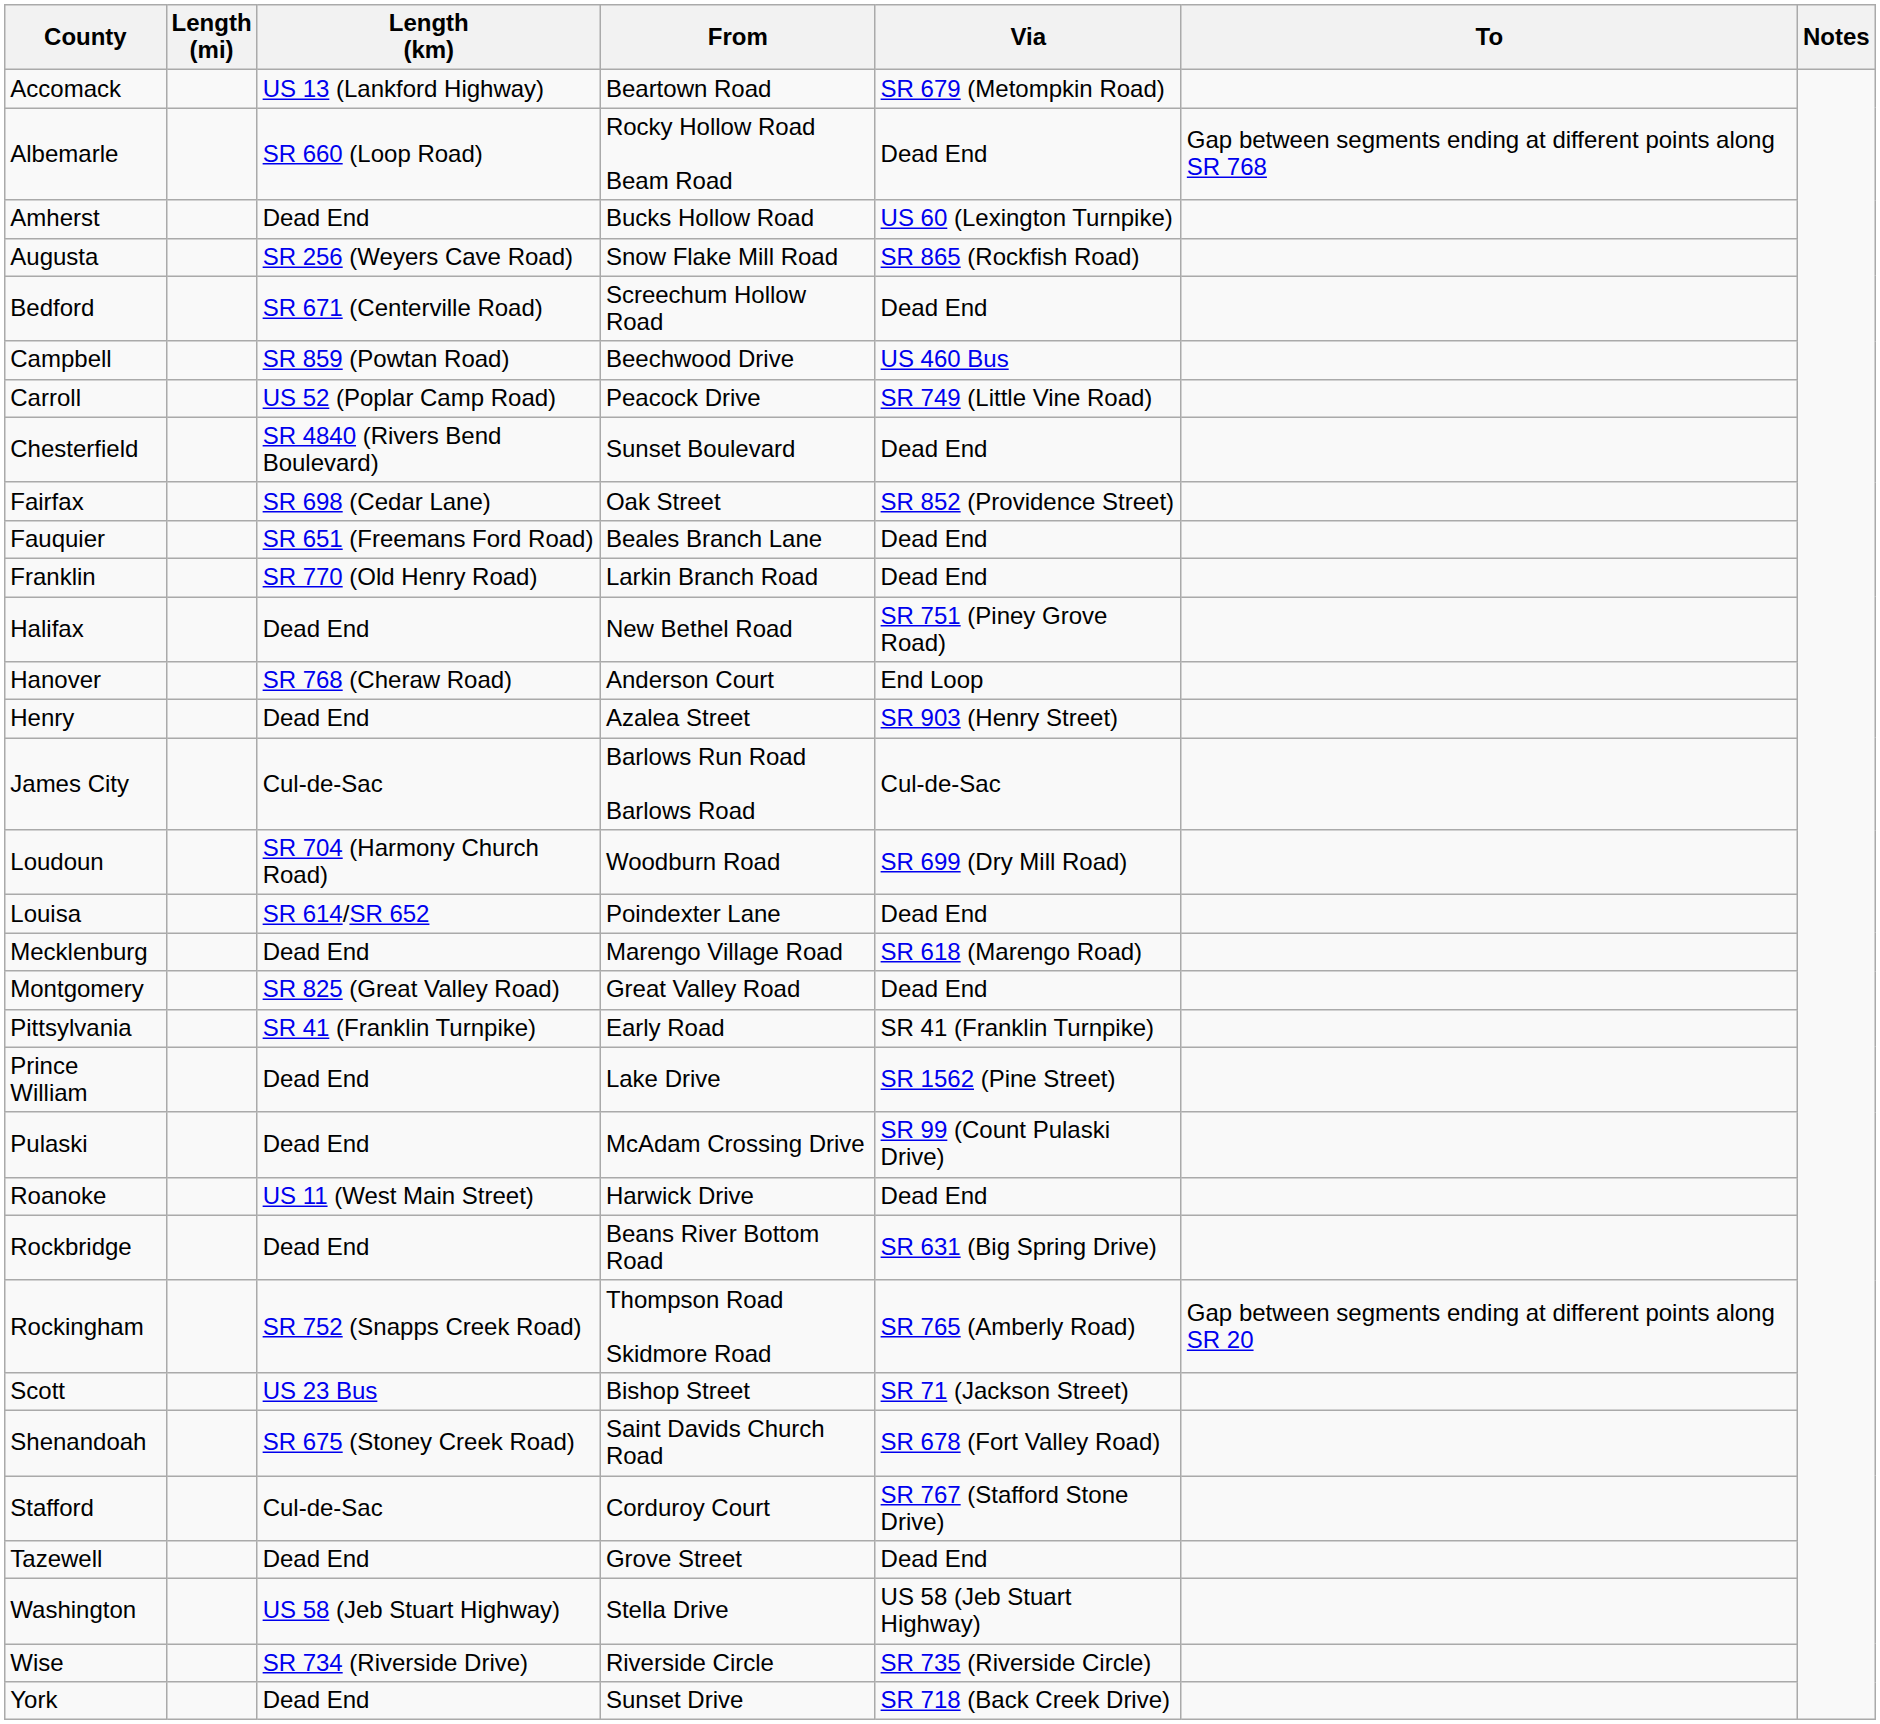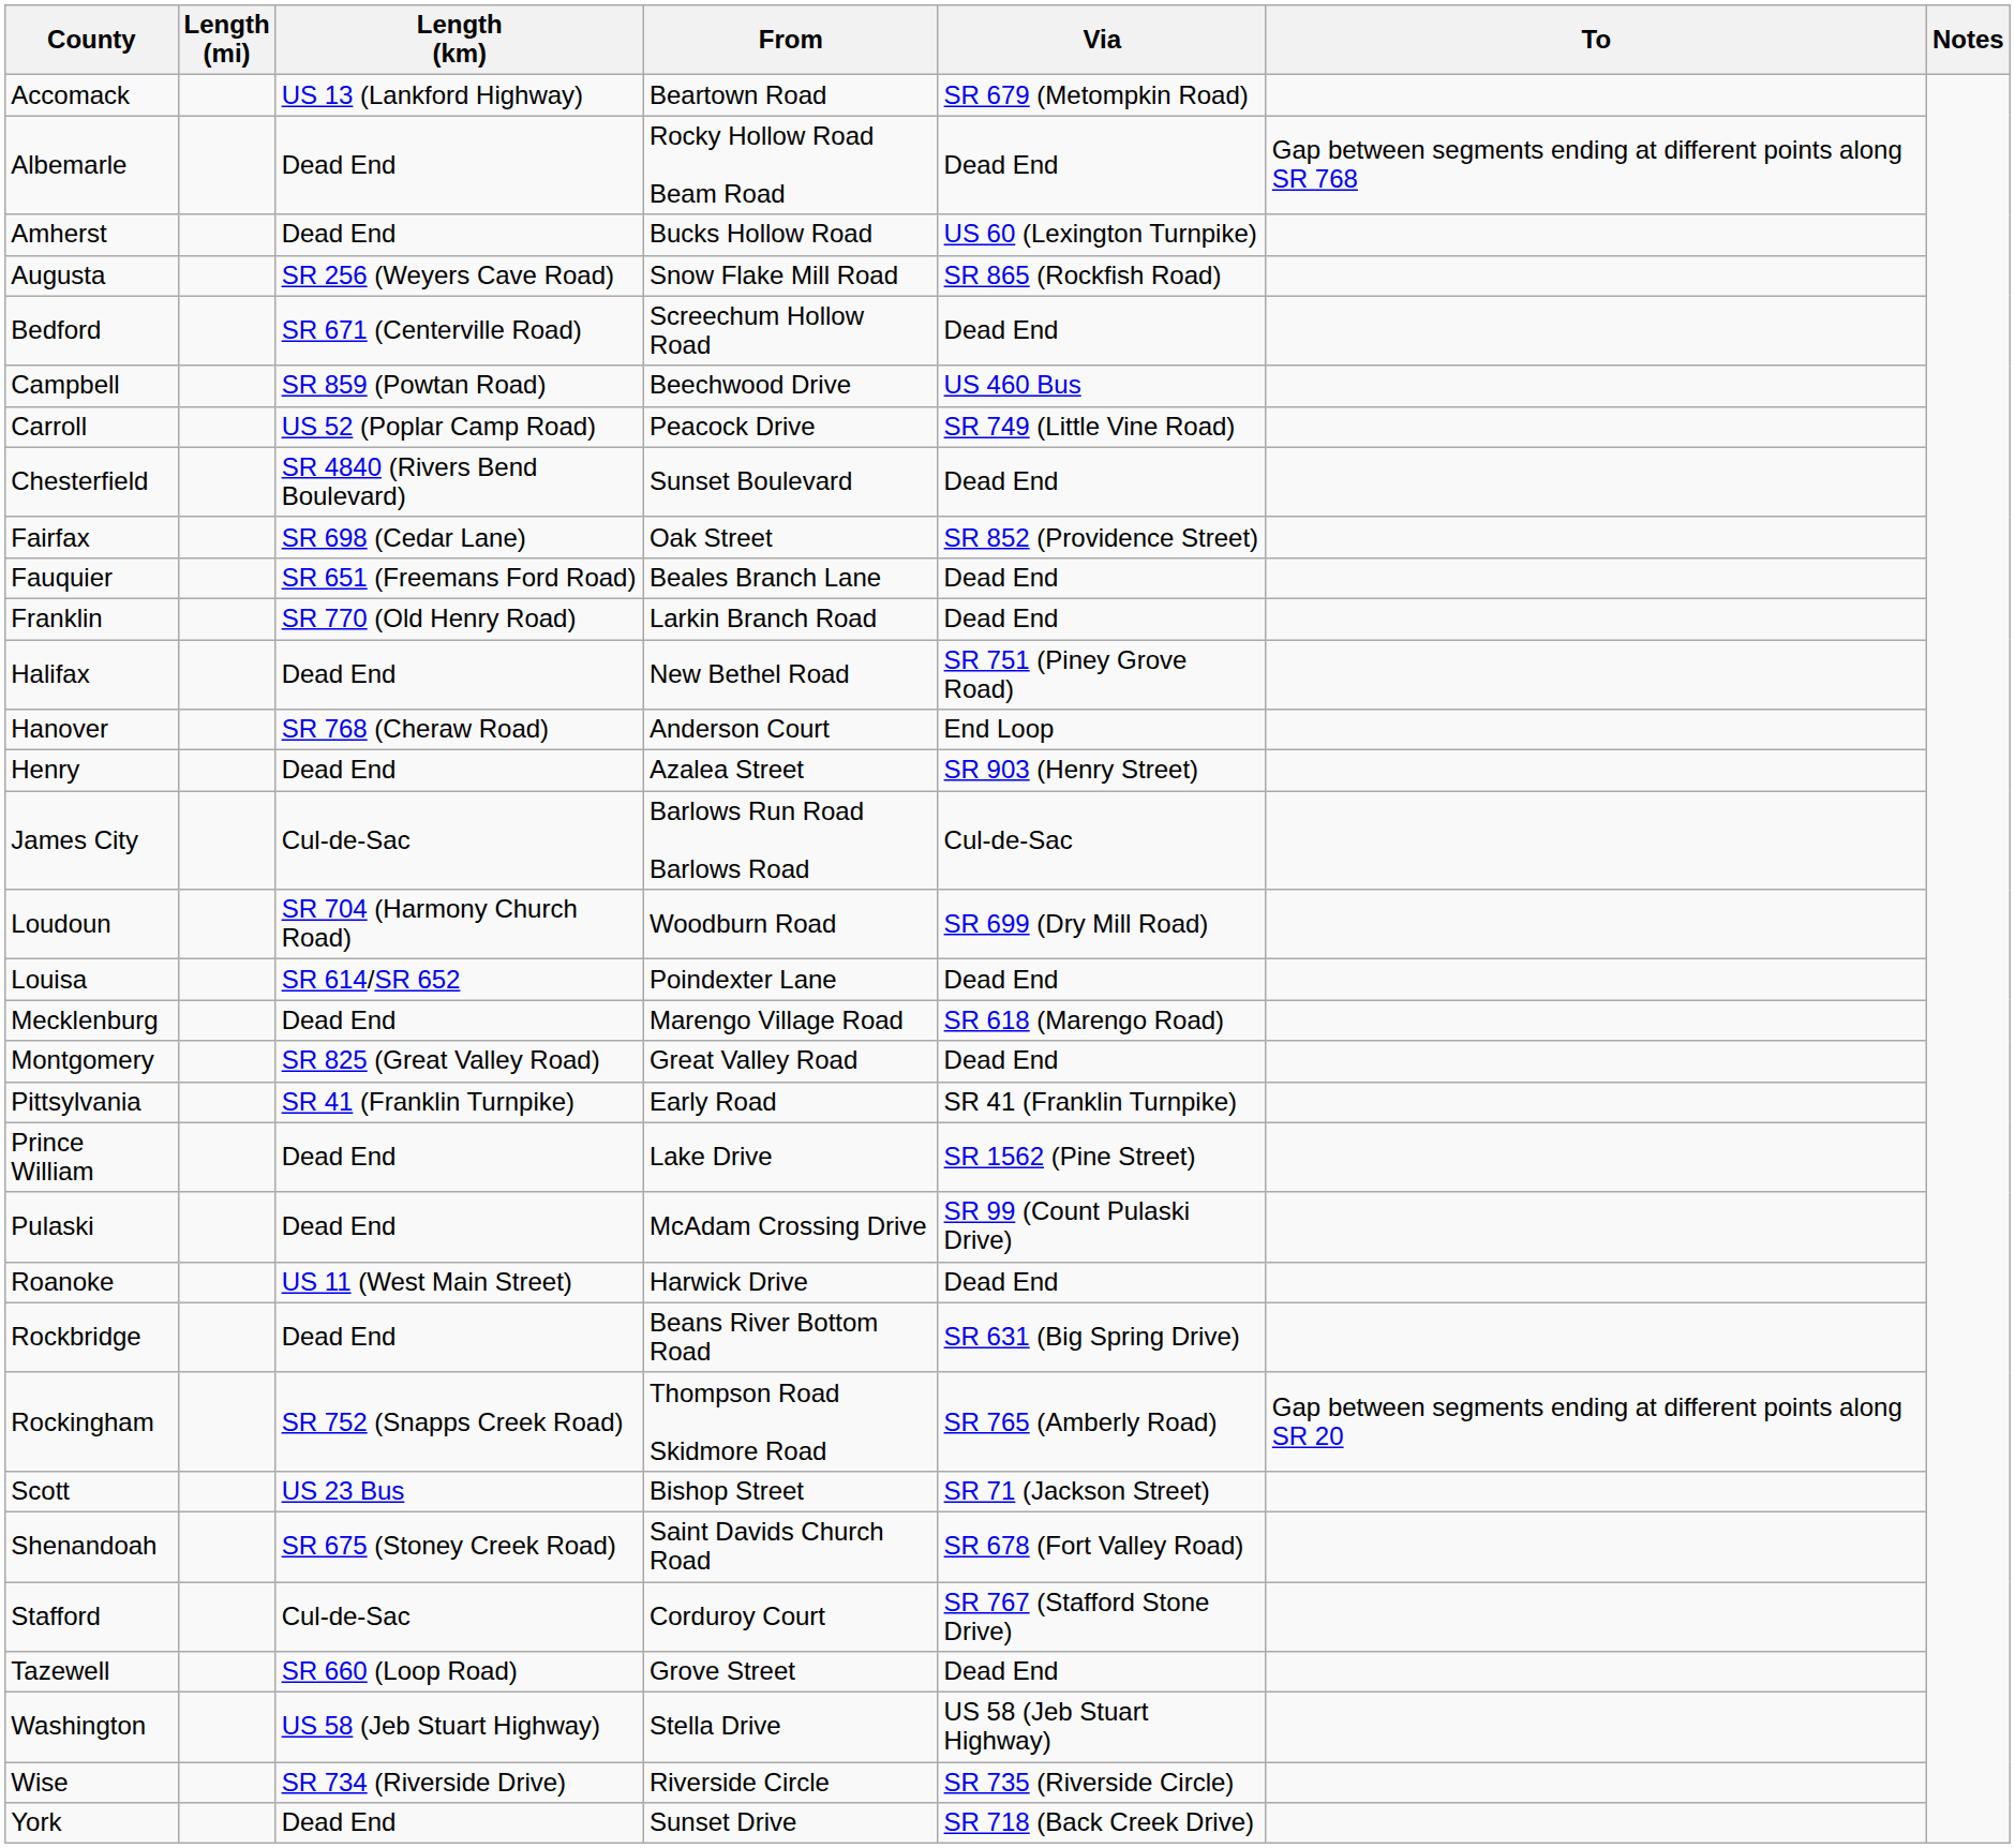 <table class="wikitable sortable">
 <tr>
 <th>County</th>
 <th>Length<br>(mi)</th>
 <th>Length<br>(km)</th>
 <th class="unsortable">From</th>
 <th class="unsortable">Via</th>
 <th class="unsortable">To</th>
 <th class="unsortable">Notes</th>
 </tr>
 <tr>
 <td id="Accomack">Accomack</td>
 <td></td>
 <td><a href='#'>US 13</a> (Lankford Highway)</td>
 <td>Beartown Road</td>
 <td><a href='#'>SR 679</a> (Metompkin Road)</td>
 <td></td>
 </tr>
 <tr>
 <td id="Albemarle">Albemarle</td>
 <td></td>
-<td><a href='#'>SR 660</a> (Loop Road)</td>
+<td>Dead End</td>
 <td>Rocky Hollow Road<br><br>Beam Road</td>
 <td>Dead End</td>
 <td>Gap between segments ending at different points along <a href='#'>SR 768</a><br></td>
 </tr>
 <tr>
 <td id="Amherst">Amherst</td>
 <td></td>
 <td>Dead End</td>
 <td>Bucks Hollow Road</td>
 <td><a href='#'>US 60</a> (Lexington Turnpike)</td>
 <td><br> </td>
 </tr>
 <tr>
 <td id="Augusta">Augusta</td>
 <td></td>
 <td><a href='#'>SR 256</a> (Weyers Cave Road)</td>
 <td>Snow Flake Mill Road</td>
 <td><a href='#'>SR 865</a> (Rockfish Road)</td>
 <td><br></td>
 </tr>
 <tr>
 <td id="Bedford">Bedford</td>
 <td></td>
 <td><a href='#'>SR 671</a> (Centerville Road)</td>
 <td>Screechum Hollow Road</td>
 <td>Dead End</td>
 <td><br>    </td>
 </tr>
 <tr>
 <td id="Campbell">Campbell</td>
 <td></td>
 <td><a href='#'>SR 859</a> (Powtan Road)</td>
 <td>Beechwood Drive</td>
 <td><a href='#'>US 460 Bus</a></td>
 <td><br></td>
 </tr>
 <tr>
 <td id="Carroll">Carroll</td>
 <td></td>
 <td><a href='#'>US 52</a> (Poplar Camp Road)</td>
 <td>Peacock Drive</td>
 <td><a href='#'>SR 749</a> (Little Vine Road)</td>
 <td><br> </td>
 </tr>
 <tr>
 <td id="Chesterfield">Chesterfield</td>
 <td></td>
 <td><a href='#'>SR 4840</a> (Rivers Bend Boulevard)</td>
 <td>Sunset Boulevard</td>
 <td>Dead End</td>
 <td><br>      </td>
 </tr>
 <tr>
 <td id="Fairfax">Fairfax</td>
 <td></td>
 <td><a href='#'>SR 698</a> (Cedar Lane)</td>
 <td>Oak Street</td>
 <td><a href='#'>SR 852</a> (Providence Street)</td>
 <td></td>
 </tr>
 <tr>
 <td id="Fauquier">Fauquier</td>
 <td></td>
 <td><a href='#'>SR 651</a> (Freemans Ford Road)</td>
 <td>Beales Branch Lane</td>
 <td>Dead End</td>
 <td><br> </td>
 </tr>
 <tr>
 <td id="Franklin">Franklin</td>
 <td></td>
 <td><a href='#'>SR 770</a> (Old Henry Road)</td>
 <td>Larkin Branch Road</td>
 <td>Dead End</td>
 <td><br>      </td>
 </tr>
 <tr>
 <td id="Halifax">Halifax</td>
 <td></td>
 <td>Dead End</td>
 <td>New Bethel Road</td>
 <td><a href='#'>SR 751</a> (Piney Grove Road)</td>
 <td></td>
 </tr>
 <tr>
 <td id="Hanover">Hanover</td>
 <td></td>
 <td><a href='#'>SR 768</a> (Cheraw Road)</td>
 <td>Anderson Court</td>
 <td>End Loop</td>
 <td><br></td>
 </tr>
 <tr>
 <td id="Henry">Henry</td>
 <td></td>
 <td>Dead End</td>
 <td>Azalea Street</td>
 <td><a href='#'>SR 903</a> (Henry Street)</td>
 <td><br> </td>
 </tr>
 <tr>
 <td id="James City">James City</td>
 <td></td>
 <td>Cul-de-Sac</td>
 <td>Barlows Run Road<br><br>Barlows Road</td>
 <td>Cul-de-Sac</td>
 <td><br>    </td>
 </tr>
 <tr>
 <td id="Loudoun">Loudoun</td>
 <td></td>
 <td><a href='#'>SR 704</a> (Harmony Church Road)</td>
 <td>Woodburn Road</td>
 <td><a href='#'>SR 699</a> (Dry Mill Road)</td>
 <td></td>
 </tr>
 <tr>
 <td id="Louisa">Louisa</td>
 <td></td>
 <td><a href='#'>SR 614</a>/<a href='#'>SR 652</a></td>
 <td>Poindexter Lane</td>
 <td>Dead End</td>
 <td><br>  </td>
 </tr>
 <tr>
 <td id="Mecklenburg">Mecklenburg</td>
 <td></td>
 <td>Dead End</td>
 <td>Marengo Village Road</td>
 <td><a href='#'>SR 618</a> (Marengo Road)</td>
 <td><br></td>
 </tr>
 <tr>
 <td id="Montgomery">Montgomery</td>
 <td></td>
 <td><a href='#'>SR 825</a> (Great Valley Road)</td>
 <td>Great Valley Road</td>
 <td>Dead End</td>
 <td><br>       </td>
 </tr>
 <tr>
 <td id="Pittsylvania">Pittsylvania</td>
 <td></td>
 <td><a href='#'>SR 41</a> (Franklin Turnpike)</td>
 <td>Early Road</td>
 <td>SR 41 (Franklin Turnpike)</td>
 <td><br>  </td>
 </tr>
 <tr>
 <td id="Prince William">Prince William</td>
 <td></td>
 <td>Dead End</td>
 <td>Lake Drive</td>
 <td><a href='#'>SR 1562</a> (Pine Street)</td>
 <td></td>
 </tr>
 <tr>
 <td id="Pulaski">Pulaski</td>
 <td></td>
 <td>Dead End</td>
 <td>McAdam Crossing Drive</td>
 <td><a href='#'>SR 99</a> (Count Pulaski Drive)</td>
 <td><br> </td>
 </tr>
 <tr>
 <td id="Roanoke">Roanoke</td>
 <td></td>
 <td><a href='#'>US 11</a> (West Main Street)</td>
 <td>Harwick Drive</td>
 <td>Dead End</td>
 <td></td>
 </tr>
 <tr>
 <td id="Rockbridge">Rockbridge</td>
 <td></td>
 <td>Dead End</td>
 <td>Beans River Bottom Road</td>
 <td><a href='#'>SR 631</a> (Big Spring Drive)</td>
 <td></td>
 </tr>
 <tr>
 <td id="Rockingham">Rockingham</td>
 <td></td>
 <td><a href='#'>SR 752</a> (Snapps Creek Road)</td>
 <td>Thompson Road<br><br>Skidmore Road</td>
 <td><a href='#'>SR 765</a> (Amberly Road)</td>
 <td>Gap between segments ending at different points along <a href='#'>SR 20</a><br> </td>
 </tr>
 <tr>
 <td id="Scott">Scott</td>
 <td></td>
 <td><a href='#'>US 23 Bus</a></td>
 <td>Bishop Street</td>
 <td><a href='#'>SR 71</a> (Jackson Street)</td>
 <td></td>
 </tr>
 <tr>
 <td id="Shenandoah">Shenandoah</td>
 <td></td>
 <td><a href='#'>SR 675</a> (Stoney Creek Road)</td>
 <td>Saint Davids Church Road</td>
 <td><a href='#'>SR 678</a> (Fort Valley Road)</td>
 <td><br>  </td>
 </tr>
 <tr>
 <td id="Stafford">Stafford</td>
 <td></td>
 <td>Cul-de-Sac</td>
 <td>Corduroy Court</td>
 <td><a href='#'>SR 767</a> (Stafford Stone Drive)</td>
 <td><br> </td>
 </tr>
 <tr>
 <td id="Tazewell">Tazewell</td>
 <td></td>
-<td>Dead End</td>
+<td><a href='#'>SR 660</a> (Loop Road)</td>
 <td>Grove Street</td>
 <td>Dead End</td>
 <td><br></td>
 </tr>
 <tr>
 <td id="Washington">Washington</td>
 <td></td>
 <td><a href='#'>US 58</a> (Jeb Stuart Highway)</td>
 <td>Stella Drive</td>
 <td>US 58 (Jeb Stuart Highway)</td>
 <td><br></td>
 </tr>
 <tr>
 <td id="Wise">Wise</td>
 <td></td>
 <td><a href='#'>SR 734</a> (Riverside Drive)</td>
 <td>Riverside Circle</td>
 <td><a href='#'>SR 735</a> (Riverside Circle)</td>
 <td><br></td>
 </tr>
 <tr>
 <td id="York">York</td>
 <td></td>
 <td>Dead End</td>
 <td>Sunset Drive</td>
 <td><a href='#'>SR 718</a> (Back Creek Drive)</td>
 <td></td>
 </tr>
 </table>
